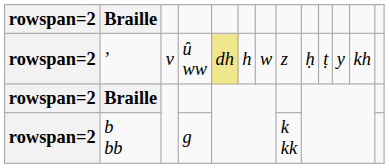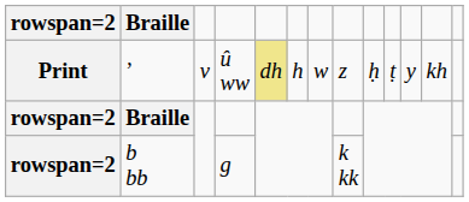 <table class="wikitable">
 <tr>
 <th>rowspan=2 </th>
 <th>Braille</th>
 <td></td>
 <td></td>
 <td></td>
 <td></td>
 <td></td>
 <td></td>
 <td></td>
 <td></td>
 <td></td>
 <td></td>
 <td></td>
 </tr>
 <tr>
-<th>rowspan=2 </th>
+<th>Print</th>
 <td><a href='#'></a> ’</td>
 <td><a href='#'></a> <em>v</em></td>
 <td> <em>û<br>ww</em></td>
 <td style="background: khaki;"><a href='#'></a> <em>dh</em></td>
 <td><a href='#'></a> <em>h</em></td>
 <td><a href='#'></a> <em>w</em></td>
 <td><a href='#'></a> <em>z</em></td>
 <td><a href='#'></a> <em>ḥ</em></td>
 <td><a href='#'></a> <em>ṭ</em></td>
 <td><a href='#'></a> <em>y</em></td>
 <td><a href='#'></a> <em>kh</em></td>
 </tr>
 <tr>
 <th>rowspan=2 </th>
 <th>Braille</th>
 <td rowspan=2></td>
 <td></td>
 <td rowspan=2 colspan=3></td>
 <td></td>
 <td rowspan=2 colspan=4></td>
 <td></td>
 </tr>
 <tr>
 <th>rowspan=2 </th>
 <td> <em>b<br>bb</em></td>
 <td><a href='#'></a> <em>g</em></td>
 <td> <em>k<br>kk</em></td>
 </tr>
 </table>
